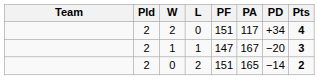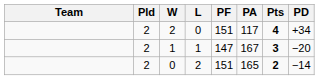 <table class=wikitable style="text-align:center">
 <tr>
 <th width=180>Team</th>
 <th width=30>Pld</th>
 <th width=30>W</th>
 <th width=30>L</th>
 <th width=30>PF</th>
 <th width=30>PA</th>
+<th width=30>Pts</th>
 <th width=30>PD</th>
-<th width=30>Pts</th>
 </tr>
 <tr align=center>
 <td align=left></td>
 <td>2</td>
 <td>2</td>
 <td>0</td>
 <td>151</td>
 <td>117</td>
+<td><strong>4</strong></td>
 <td>+34</td>
-<td><strong>4</strong></td>
 </tr>
 <tr align=center>
 <td align=left></td>
 <td>2</td>
 <td>1</td>
 <td>1</td>
 <td>147</td>
 <td>167</td>
+<td><strong>3</strong></td>
 <td>−20</td>
-<td><strong>3</strong></td>
 </tr>
 <tr align=center>
 <td align=left></td>
 <td>2</td>
 <td>0</td>
 <td>2</td>
 <td>151</td>
 <td>165</td>
+<td><strong>2</strong></td>
 <td>−14</td>
-<td><strong>2</strong></td>
 </tr>
 </table>
